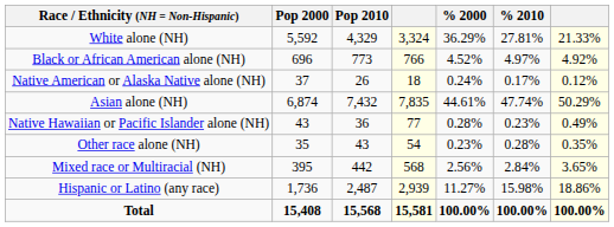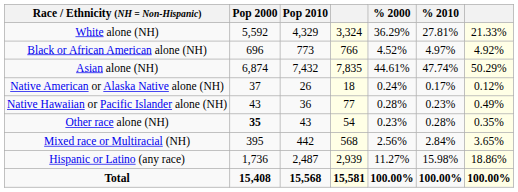 <table class="wikitable" style="text-align:center;">
 <tr>
 <th>Race / Ethnicity <small>(<em>NH = Non-Hispanic</em>)</small></th>
 <th>Pop 2000</th>
 <th>Pop 2010</th>
 <th></th>
 <th>% 2000</th>
 <th>% 2010</th>
 <th></th>
 </tr>
 <tr>
 <td><a href='#'>White</a> alone (NH)</td>
 <td>5,592</td>
 <td>4,329</td>
 <td style='background: #ffffe6;'>3,324</td>
 <td>36.29%</td>
 <td>27.81%</td>
 <td style='background: #ffffe6;'>21.33%</td>
 </tr>
 <tr>
 <td><a href='#'>Black or African American</a> alone (NH)</td>
 <td>696</td>
 <td>773</td>
 <td style='background: #ffffe6;'>766</td>
 <td>4.52%</td>
 <td>4.97%</td>
 <td style='background: #ffffe6;'>4.92%</td>
 </tr>
 <tr>
+<td><a href='#'>Asian</a> alone (NH)</td>
+<td>6,874</td>
+<td>7,432</td>
+<td style='background: #ffffe6;'>7,835</td>
+<td>44.61%</td>
+<td>47.74%</td>
+<td style='background: #ffffe6;'>50.29%</td>
+</tr>
+<tr>
 <td><a href='#'>Native American</a> or <a href='#'>Alaska Native</a> alone (NH)</td>
 <td>37</td>
 <td>26</td>
 <td style='background: #ffffe6;'>18</td>
 <td>0.24%</td>
 <td>0.17%</td>
 <td style='background: #ffffe6;'>0.12%</td>
-</tr>
-<tr>
-<td><a href='#'>Asian</a> alone (NH)</td>
-<td>6,874</td>
-<td>7,432</td>
-<td style='background: #ffffe6;'>7,835</td>
-<td>44.61%</td>
-<td>47.74%</td>
-<td style='background: #ffffe6;'>50.29%</td>
 </tr>
 <tr>
 <td><a href='#'>Native Hawaiian</a> or <a href='#'>Pacific Islander</a> alone (NH)</td>
 <td>43</td>
 <td>36</td>
 <td style='background: #ffffe6;'>77</td>
 <td>0.28%</td>
 <td>0.23%</td>
 <td style='background: #ffffe6;'>0.49%</td>
 </tr>
 <tr>
 <td><a href='#'>Other race</a> alone (NH)</td>
-<td>35</td>
+<td><strong>35</strong></td>
 <td>43</td>
 <td style='background: #ffffe6;'>54</td>
 <td>0.23%</td>
 <td>0.28%</td>
 <td style='background: #ffffe6;'>0.35%</td>
 </tr>
 <tr>
 <td><a href='#'>Mixed race or Multiracial</a> (NH)</td>
 <td>395</td>
 <td>442</td>
 <td style='background: #ffffe6;'>568</td>
 <td>2.56%</td>
 <td>2.84%</td>
 <td style='background: #ffffe6;'>3.65%</td>
 </tr>
 <tr>
 <td><a href='#'>Hispanic or Latino</a> (any race)</td>
 <td>1,736</td>
 <td>2,487</td>
 <td style='background: #ffffe6;'>2,939</td>
 <td>11.27%</td>
 <td>15.98%</td>
 <td style='background: #ffffe6;'>18.86%</td>
 </tr>
 <tr>
 <td><strong>Total</strong></td>
 <td><strong>15,408</strong></td>
 <td><strong>15,568</strong></td>
 <td style='background: #ffffe6;'><strong>15,581</strong></td>
 <td><strong>100.00%</strong></td>
 <td><strong>100.00%</strong></td>
 <td style='background: #ffffe6;'><strong>100.00%</strong></td>
 </tr>
 </table>
